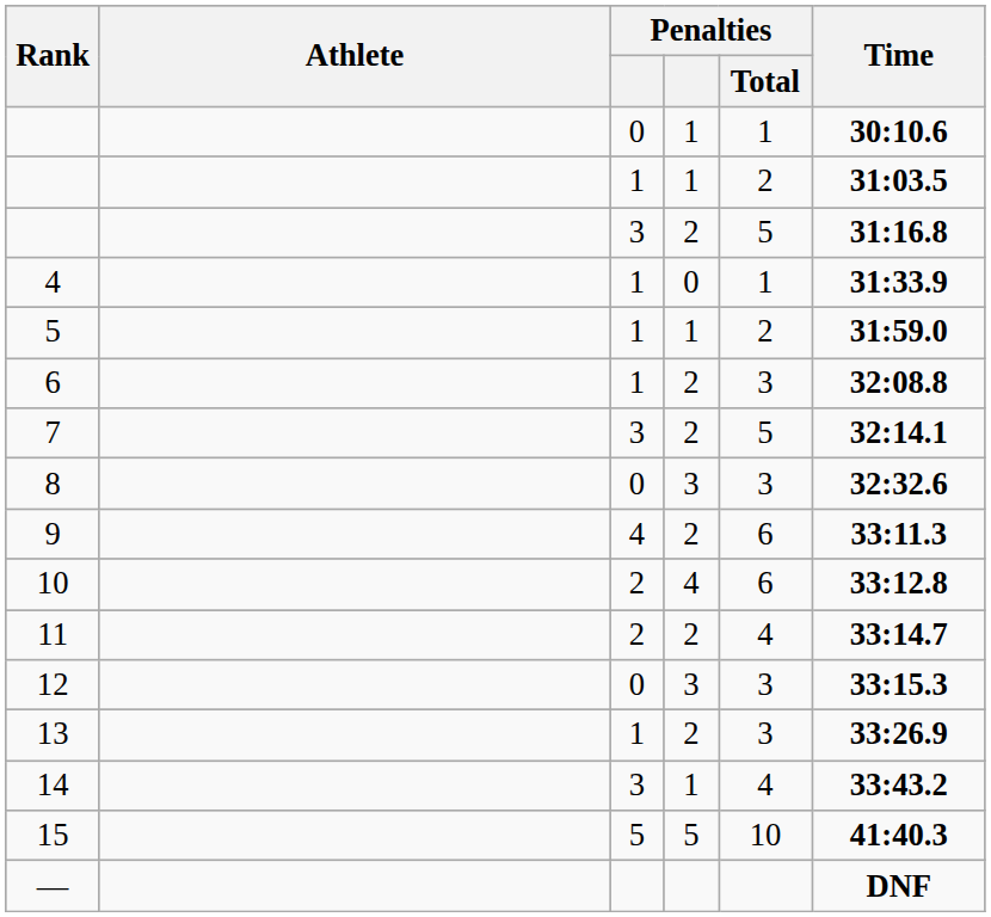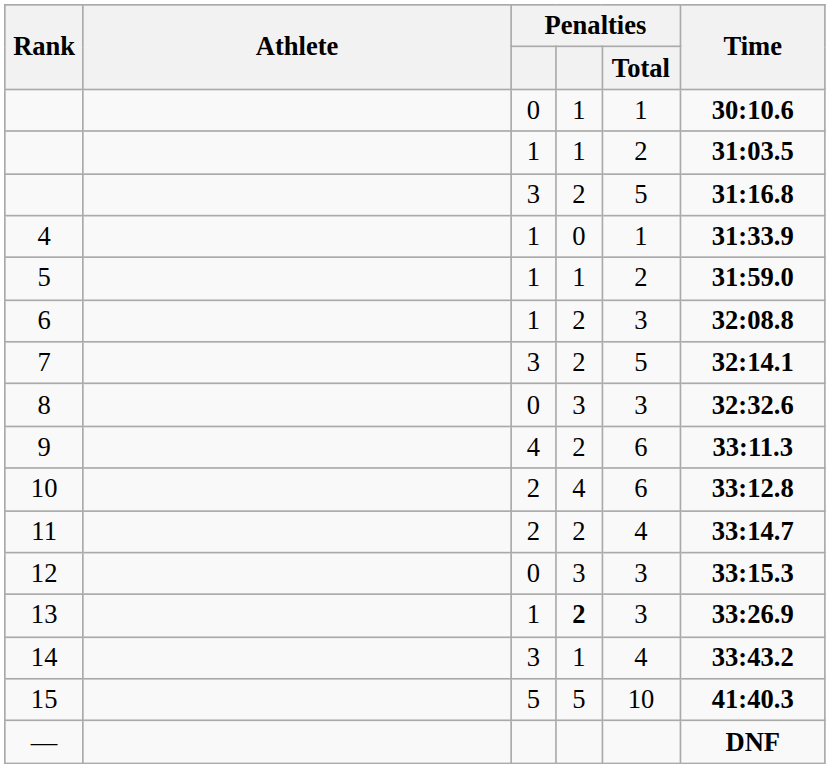 <table class=wikitable style="text-align:center">
 <tr>
 <th rowspan=2 width=40>Rank</th>
 <th rowspan=2 width=250>Athlete</th>
 <th colspan=3>Penalties</th>
 <th rowspan=2 width=80>Time</th>
 </tr>
 <tr>
 <th width=20></th>
 <th width=20></th>
 <th width=40>Total</th>
 </tr>
 <tr>
 <td></td>
 <td align=left></td>
 <td>0</td>
 <td>1</td>
 <td>1</td>
 <td><strong>30:10.6</strong></td>
 </tr>
 <tr>
 <td></td>
 <td align=left></td>
 <td>1</td>
 <td>1</td>
 <td>2</td>
 <td><strong>31:03.5</strong></td>
 </tr>
 <tr>
 <td></td>
 <td align=left></td>
 <td>3</td>
 <td>2</td>
 <td>5</td>
 <td><strong>31:16.8</strong></td>
 </tr>
 <tr>
 <td>4</td>
 <td align=left></td>
 <td>1</td>
 <td>0</td>
 <td>1</td>
 <td><strong>31:33.9</strong></td>
 </tr>
 <tr>
 <td>5</td>
 <td align=left></td>
 <td>1</td>
 <td>1</td>
 <td>2</td>
 <td><strong>31:59.0</strong></td>
 </tr>
 <tr>
 <td>6</td>
 <td align=left></td>
 <td>1</td>
 <td>2</td>
 <td>3</td>
 <td><strong>32:08.8</strong></td>
 </tr>
 <tr>
 <td>7</td>
 <td align=left></td>
 <td>3</td>
 <td>2</td>
 <td>5</td>
 <td><strong>32:14.1</strong></td>
 </tr>
 <tr>
 <td>8</td>
 <td align=left></td>
 <td>0</td>
 <td>3</td>
 <td>3</td>
 <td><strong>32:32.6</strong></td>
 </tr>
 <tr>
 <td>9</td>
 <td align=left></td>
 <td>4</td>
 <td>2</td>
 <td>6</td>
 <td><strong>33:11.3</strong></td>
 </tr>
 <tr>
 <td>10</td>
 <td align=left></td>
 <td>2</td>
 <td>4</td>
 <td>6</td>
 <td><strong>33:12.8</strong></td>
 </tr>
 <tr>
 <td>11</td>
 <td align=left></td>
 <td>2</td>
 <td>2</td>
 <td>4</td>
 <td><strong>33:14.7</strong></td>
 </tr>
 <tr>
 <td>12</td>
 <td align=left></td>
 <td>0</td>
 <td>3</td>
 <td>3</td>
 <td><strong>33:15.3</strong></td>
 </tr>
 <tr>
 <td>13</td>
 <td align=left></td>
 <td>1</td>
-<td>2</td>
+<td><strong>2</strong></td>
 <td>3</td>
 <td><strong>33:26.9</strong></td>
 </tr>
 <tr>
 <td>14</td>
 <td align=left></td>
 <td>3</td>
 <td>1</td>
 <td>4</td>
 <td><strong>33:43.2</strong></td>
 </tr>
 <tr>
 <td>15</td>
 <td align=left></td>
 <td>5</td>
 <td>5</td>
 <td>10</td>
 <td><strong>41:40.3</strong></td>
 </tr>
 <tr>
 <td>—</td>
 <td align=left></td>
 <td></td>
 <td></td>
 <td></td>
 <td><strong>DNF</strong></td>
 </tr>
 </table>
